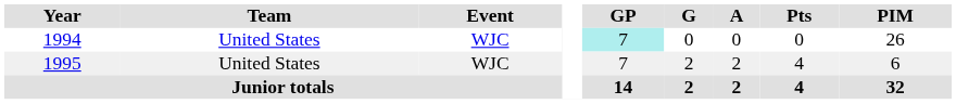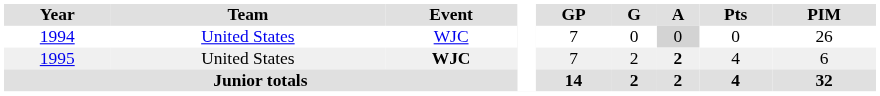 <table border="0" cellpadding="1" cellspacing="0" style="text-align:center; width:50em">
 <tr ALIGN="center" bgcolor="#e0e0e0">
 <th>Year</th>
 <th>Team</th>
 <th>Event</th>
 <th rowspan="99" bgcolor="#ffffff"> </th>
 <th>GP</th>
 <th>G</th>
 <th>A</th>
 <th>Pts</th>
 <th>PIM</th>
 </tr>
 <tr>
 <td><a href='#'>1994</a></td>
 <td><a href='#'>United States</a></td>
 <td><a href='#'>WJC</a></td>
-<td style="background: paleturquoise;">7</td>
+<td>7</td>
 <td>0</td>
-<td>0</td>
+<td style="background: lightgrey;">0</td>
 <td>0</td>
 <td>26</td>
 </tr>
 <tr bgcolor="#f0f0f0">
 <td><a href='#'>1995</a></td>
 <td>United States</td>
-<td>WJC</td>
+<td><strong>WJC</strong></td>
 <td>7</td>
 <td>2</td>
-<td>2</td>
+<td><strong>2</strong></td>
 <td>4</td>
 <td>6</td>
 </tr>
 <tr bgcolor="#e0e0e0">
 <th colspan="3">Junior totals</th>
 <th>14</th>
 <th>2</th>
 <th>2</th>
 <th>4</th>
 <th>32</th>
 </tr>
 </table>
